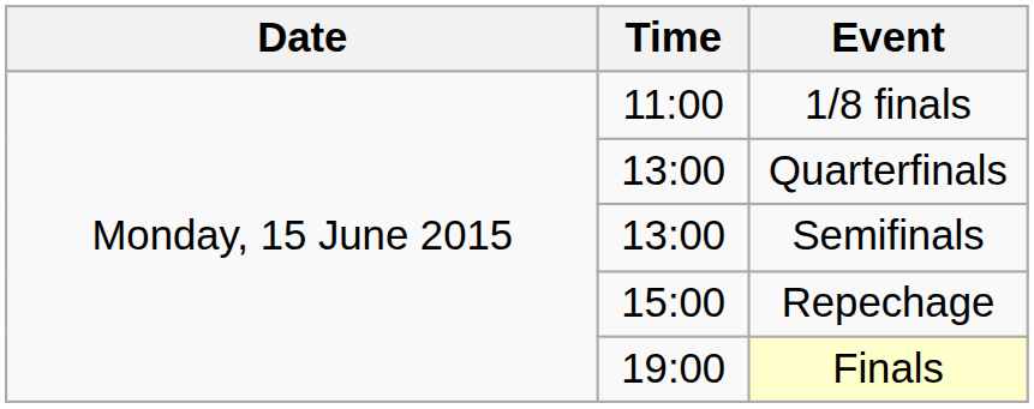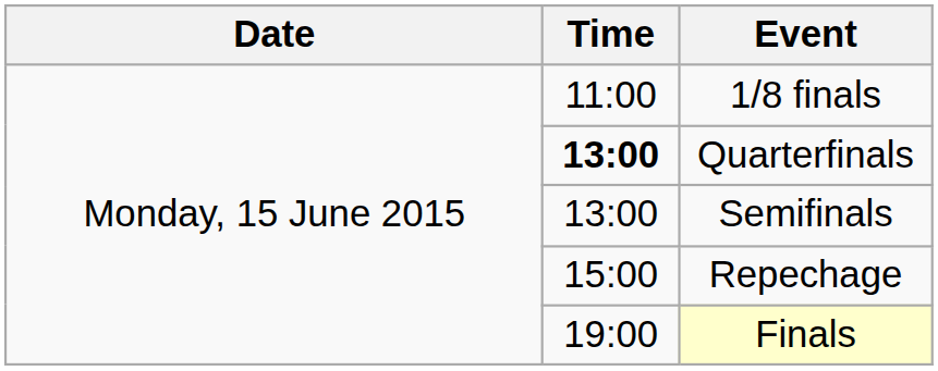 <table class = "wikitable" style="text-align:center;">
 <tr>
 <th width=220>Date</th>
 <th width=50>Time</th>
 <th width=100>Event</th>
 </tr>
 <tr>
 <td rowspan=5>Monday, 15 June 2015</td>
 <td>11:00</td>
 <td>1/8 finals</td>
 </tr>
 <tr>
-<td>13:00</td>
+<td><strong>13:00</strong></td>
 <td>Quarterfinals</td>
 </tr>
 <tr>
 <td>13:00</td>
 <td>Semifinals</td>
 </tr>
 <tr>
 <td>15:00</td>
 <td>Repechage</td>
 </tr>
 <tr>
 <td>19:00</td>
 <td bgcolor=ffffcc>Finals</td>
 </tr>
 </table>
